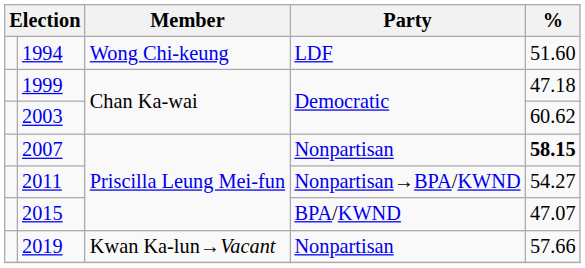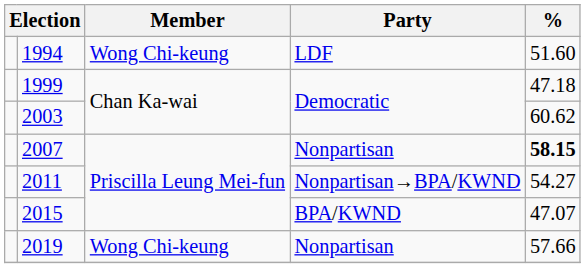 <table class="wikitable">
 <tr>
 <th colspan="2">Election</th>
 <th>Member</th>
 <th>Party</th>
 <th>%</th>
 </tr>
 <tr>
 <td style="background-color: "></td>
 <td><a href='#'>1994</a></td>
 <td><a href='#'>Wong Chi-keung</a></td>
 <td><a href='#'>LDF</a></td>
 <td>51.60</td>
 </tr>
 <tr>
 <td style="background-color: "></td>
 <td><a href='#'>1999</a></td>
 <td rowspan=2>Chan Ka-wai</td>
 <td rowspan=2><a href='#'>Democratic</a></td>
 <td>47.18</td>
 </tr>
 <tr>
 <td style="background-color: "></td>
 <td><a href='#'>2003</a></td>
 <td>60.62</td>
 </tr>
 <tr>
 <td style="background-color: "></td>
 <td><a href='#'>2007</a></td>
 <td rowspan=3><a href='#'>Priscilla Leung Mei-fun</a></td>
 <td rowspan=1><a href='#'>Nonpartisan</a></td>
 <td><strong>58.15</strong></td>
 </tr>
 <tr>
 <td style="background-color: "></td>
 <td><a href='#'>2011</a></td>
 <td><a href='#'>Nonpartisan</a>→<a href='#'>BPA</a>/<a href='#'>KWND</a></td>
 <td>54.27</td>
 </tr>
 <tr>
 <td style="background-color: "></td>
 <td><a href='#'>2015</a></td>
 <td><a href='#'>BPA</a>/<a href='#'>KWND</a></td>
 <td>47.07</td>
 </tr>
 <tr>
 <td style="background-color: "></td>
 <td><a href='#'>2019</a></td>
-<td>Kwan Ka-lun→<em>Vacant</em></td>
+<td><a href='#'>Wong Chi-keung</a></td>
 <td><a href='#'>Nonpartisan</a></td>
 <td>57.66</td>
 </tr>
 <tr>
 </tr>
 </table>
